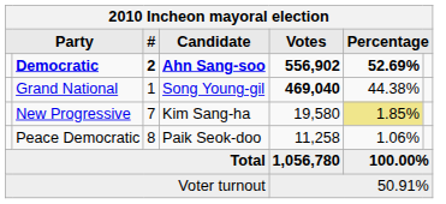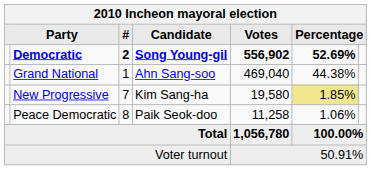 <table class="wikitable">
 <tr>
 <th colspan="7">2010 Incheon mayoral election</th>
 </tr>
 <tr>
 <th style="background-color:#E9E9E9" colspan=2>Party</th>
 <th style="background-color:#E9E9E9">#</th>
 <th style="background-color:#E9E9E9">Candidate</th>
 <th style="background-color:#E9E9E9">Votes</th>
 <th style="background-color:#E9E9E9" colspan=2>Percentage</th>
 </tr>
 <tr style="font-weight:bold">
 <td></td>
 <td align=left><a href='#'>Democratic</a></td>
 <td align=center>2</td>
-<td align=left><a href='#'>Ahn Sang-soo</a></td>
+<td align=left><a href='#'>Song Young-gil</a></td>
 <td align=right>556,902</td>
 <td align=right>52.69%</td>
 <td align=right></td>
 </tr>
 <tr>
 <td></td>
 <td align=left><a href='#'>Grand National</a></td>
 <td align=center>1</td>
-<td align=left><a href='#'>Song Young-gil</a></td>
-<td align=right><strong>469,040</strong></td>
+<td align=left><a href='#'>Ahn Sang-soo</a></td>
+<td align=right>469,040</td>
 <td align=right>44.38%</td>
 <td align=right></td>
 </tr>
 <tr>
 <td></td>
 <td align=left><a href='#'>New Progressive</a></td>
 <td align=center>7</td>
 <td align=left>Kim Sang-ha</td>
 <td align=right>19,580</td>
 <td align=right style="background: khaki;">1.85%</td>
 <td align=right></td>
 </tr>
 <tr>
 <td></td>
 <td align=left>Peace Democratic</td>
 <td align=center>8</td>
 <td align=left>Paik Seok-doo</td>
 <td align=right>11,258</td>
 <td align=right>1.06%</td>
 <td align=right></td>
 </tr>
 <tr bgcolor="#EEEEEE" style="font-weight:bold">
 <td colspan="4" align=right>Total</td>
 <td align=right>1,056,780</td>
 <td align=right colspan=2>100.00%</td>
 </tr>
 <tr bgcolor="#EEEEEE">
 <td colspan="4" align="right">Voter turnout</td>
 <td colspan="3" align="right">50.91%</td>
 </tr>
 </table>
